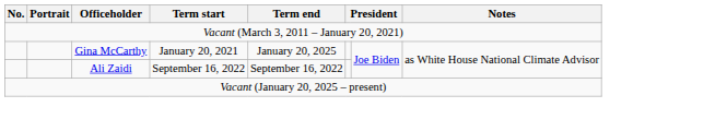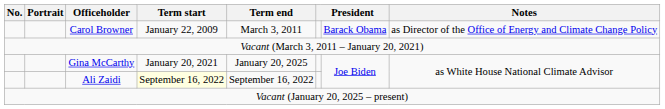 <table class="wikitable" style="text-align:center">
 <tr>
 <th>No.</th>
 <th>Portrait</th>
 <th>Officeholder</th>
 <th>Term start</th>
 <th>Term end</th>
 <th colspan="2">President</th>
 <th>Notes</th>
+</tr>
+<tr>
+<td style="background: "></td>
+<td></td>
+<td align="center"><a href='#'>Carol Browner</a></td>
+<td>January 22, 2009</td>
+<td>March 3, 2011</td>
+<td style="background: "></td>
+<td><a href='#'>Barack Obama</a></td>
+<td>as Director of the <a href='#'>Office of Energy and Climate Change Policy</a></td>
 </tr>
 <tr>
 <td colspan="8"><em>Vacant</em> (March 3, 2011 – January 20, 2021)</td>
 </tr>
 <tr>
 <td style="background: "></td>
 <td></td>
 <td align="center"><a href='#'>Gina McCarthy</a></td>
 <td>January 20, 2021</td>
 <td>January 20, 2025</td>
 <td style="background: "></td>
 <td rowspan="2"><a href='#'>Joe Biden</a></td>
 <td rowspan="2">as White House National Climate Advisor</td>
 </tr>
 <tr>
 <td style="background: "></td>
 <td></td>
 <td><a href='#'>Ali Zaidi</a></td>
-<td>September 16, 2022</td>
+<td style="background: lightyellow;">September 16, 2022</td>
 <td>September 16, 2022</td>
 <td style="background: "></td>
 </tr>
 <tr>
 <td colspan="8"><em>Vacant</em> (January 20, 2025 – present)</td>
 </tr>
 </table>
